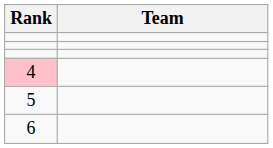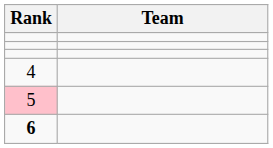 <table class="wikitable" style="text-align: center;">
 <tr>
 <th width=40>Rank</th>
 <th width=180>Team</th>
 </tr>
 <tr>
 <td></td>
 <td align=left></td>
 </tr>
 <tr>
 <td></td>
 <td align=left></td>
 </tr>
 <tr>
 <td></td>
 <td align=left></td>
 </tr>
 <tr>
-<td style="background: pink;">4</td>
+<td>4</td>
 <td align=left></td>
 </tr>
 <tr>
-<td>5</td>
+<td style="background: pink;">5</td>
 <td align=left></td>
 </tr>
 <tr>
-<td>6</td>
+<td><strong>6</strong></td>
 <td align=left></td>
 </tr>
 </table>
